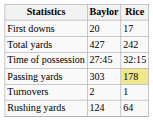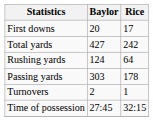 <table class="wikitable" style="float: right;">
 <tr>
 <th>Statistics</th>
 <th>Baylor</th>
 <th>Rice</th>
 </tr>
 <tr>
 <td>First downs</td>
 <td>20</td>
 <td>17</td>
 </tr>
 <tr>
 <td>Total yards</td>
 <td>427</td>
 <td>242</td>
 </tr>
 <tr>
-<td>Time of possession</td>
-<td>27:45</td>
-<td>32:15</td>
+<td>Rushing yards</td>
+<td>124</td>
+<td>64</td>
 </tr>
 <tr>
 <td>Passing yards</td>
 <td>303</td>
-<td style="background: khaki;">178</td>
+<td>178</td>
 </tr>
 <tr>
 <td>Turnovers</td>
 <td>2</td>
 <td>1</td>
 </tr>
 <tr>
-<td>Rushing yards</td>
-<td>124</td>
-<td>64</td>
+<td>Time of possession</td>
+<td>27:45</td>
+<td>32:15</td>
 </tr>
 <tr>
 </tr>
 </table>
